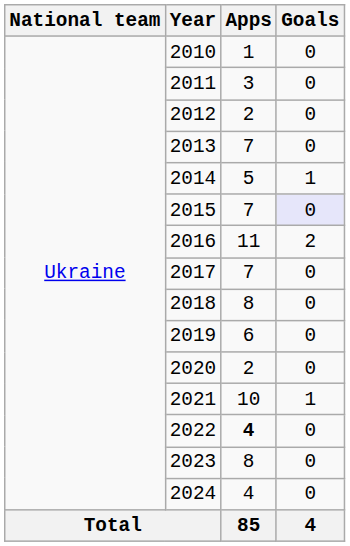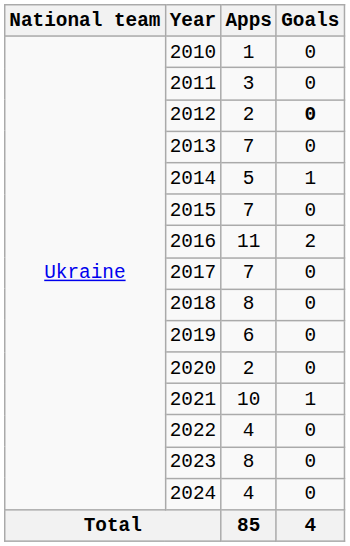 <table class="wikitable" style="text-align:center">
 <tr>
 <th>National team</th>
 <th>Year</th>
 <th>Apps</th>
 <th>Goals</th>
 </tr>
 <tr>
 <td rowspan="15"><a href='#'>Ukraine</a></td>
 <td>2010</td>
 <td>1</td>
 <td>0</td>
 </tr>
 <tr>
 <td>2011</td>
 <td>3</td>
 <td>0</td>
 </tr>
 <tr>
 <td>2012</td>
 <td>2</td>
-<td>0</td>
+<td><strong>0</strong></td>
 </tr>
 <tr>
 <td>2013</td>
 <td>7</td>
 <td>0</td>
 </tr>
 <tr>
 <td>2014</td>
 <td>5</td>
 <td>1</td>
 </tr>
 <tr>
 <td>2015</td>
 <td>7</td>
-<td style="background: lavender;">0</td>
+<td>0</td>
 </tr>
 <tr>
 <td>2016</td>
 <td>11</td>
 <td>2</td>
 </tr>
 <tr>
 <td>2017</td>
 <td>7</td>
 <td>0</td>
 </tr>
 <tr>
 <td>2018</td>
 <td>8</td>
 <td>0</td>
 </tr>
 <tr>
 <td>2019</td>
 <td>6</td>
 <td>0</td>
 </tr>
 <tr>
 <td>2020</td>
 <td>2</td>
 <td>0</td>
 </tr>
 <tr>
 <td>2021</td>
 <td>10</td>
 <td>1</td>
 </tr>
 <tr>
 <td>2022</td>
-<td><strong>4</strong></td>
+<td>4</td>
 <td>0</td>
 </tr>
 <tr>
 <td>2023</td>
 <td>8</td>
 <td>0</td>
 </tr>
 <tr>
 <td>2024</td>
 <td>4</td>
 <td>0</td>
 </tr>
 <tr>
 <th colspan="2">Total</th>
 <th>85</th>
 <th>4</th>
 </tr>
 </table>
